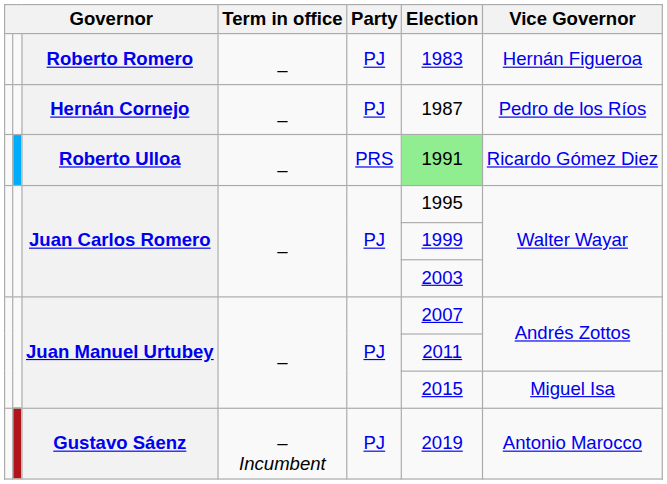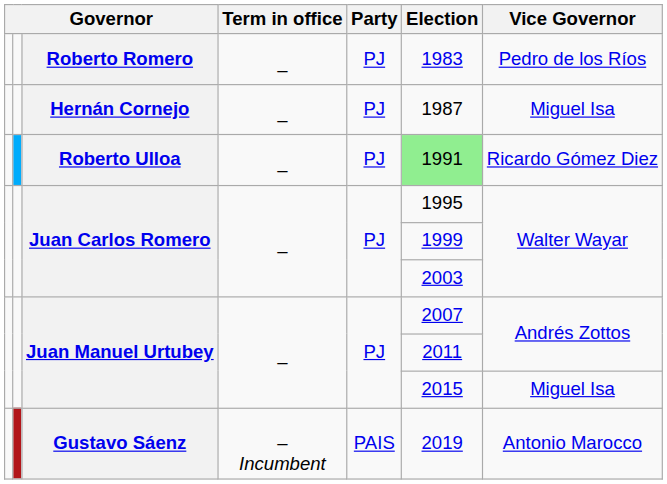 <table class="wikitable sortable" style="text-align: center;">
 <tr>
 <th scope="col" colspan="3">Governor</th>
 <th scope="col">Term in office</th>
 <th scope="col">Party</th>
 <th scope="col">Election</th>
 <th scope="col">Vice Governor</th>
 </tr>
 <tr style="height:2em;">
 <td data-sort-value="Romero, Roberto"></td>
 <td style="background:"></td>
 <th scope="row"><a href='#'>Roberto Romero</a></th>
 <td><br>–<br></td>
 <td><a href='#'>PJ</a></td>
 <td><a href='#'>1983</a></td>
-<td data-sort-value="Figueroa, Hernán"><a href='#'>Hernán Figueroa</a></td>
+<td data-sort-value="De los Ríos, Pedro"><a href='#'>Pedro de los Ríos</a></td>
 </tr>
 <tr style="height:2em;">
 <td data-sort-value="Cornejo, Hernán"></td>
 <td style="background:"></td>
 <th scope="row"><a href='#'>Hernán Cornejo</a></th>
 <td><br>–<br></td>
 <td><a href='#'>PJ</a></td>
 <td>1987</td>
-<td data-sort-value="De los Ríos, Pedro"><a href='#'>Pedro de los Ríos</a></td>
+<td data-sort-value="Isa, Miguel"><a href='#'>Miguel Isa</a></td>
 </tr>
 <tr style="height:2em;">
 <td data-sort-value="Ulloa, Roberto"></td>
 <td style="background:#00acfc;"></td>
 <th scope="row"><a href='#'>Roberto Ulloa</a></th>
 <td><br>–<br></td>
-<td><a href='#'>PRS</a></td>
+<td><a href='#'>PJ</a></td>
 <td style="background: lightgreen;">1991</td>
 <td data-sort-value="Gómez Diez, Ricardo"><a href='#'>Ricardo Gómez Diez</a></td>
 </tr>
 <tr style="height:2em;">
 <td rowspan="3" data-sort-value="Romero, Juan Carlos"></td>
 <td rowspan="3" style="background:"></td>
 <th rowspan="3" scope="row"><a href='#'>Juan Carlos Romero</a></th>
 <td rowspan="3"><br>–<br></td>
 <td rowspan="3"><a href='#'>PJ</a></td>
 <td>1995</td>
 <td rowspan="3" data-sort-value="Wayar, Walter"><a href='#'>Walter Wayar</a></td>
 </tr>
 <tr style="height:2em;">
 <td><a href='#'>1999</a></td>
 </tr>
 <tr style="height:2em;">
 <td><a href='#'>2003</a></td>
 </tr>
 <tr style="height:2em;">
 <td rowspan="3" data-sort-value="Urtubey, Juan Manuel"></td>
 <td rowspan="3" style="background:"></td>
 <th rowspan="3" scope="row"><a href='#'>Juan Manuel Urtubey</a></th>
 <td rowspan="3"><br>–<br></td>
 <td rowspan="3"><a href='#'>PJ</a></td>
 <td><a href='#'>2007</a></td>
 <td rowspan="2" data-sort-value="Zottos, Andrés"><a href='#'>Andrés Zottos</a></td>
 </tr>
 <tr style="height:2em;">
 <td><a href='#'>2011</a></td>
 </tr>
 <tr style="height:2em;">
 <td><a href='#'>2015</a></td>
 <td data-sort-value="Isa, Miguel"><a href='#'>Miguel Isa</a></td>
 </tr>
 <tr style="height:2em;">
 <td data-sort-value="Sáenz, Gustavo"></td>
 <td style="background:#B21519;"></td>
 <th scope="row"><a href='#'>Gustavo Sáenz</a></th>
 <td><br>–<br><em>Incumbent</em></td>
-<td><a href='#'>PJ</a></td>
+<td><a href='#'>PAIS</a></td>
 <td><a href='#'>2019</a></td>
 <td data-sort-value="Marocco, Antonio"><a href='#'>Antonio Marocco</a></td>
 </tr>
 </table>
